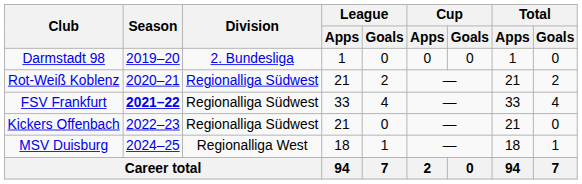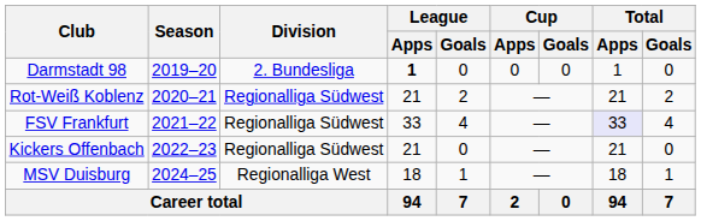 <table class="wikitable" style="text-align:center">
 <tr>
 <th rowspan="2">Club</th>
 <th rowspan="2">Season</th>
 <th rowspan="2">Division</th>
 <th colspan="2">League</th>
 <th colspan="2">Cup</th>
 <th colspan="2">Total</th>
 </tr>
 <tr>
 <th>Apps</th>
 <th>Goals</th>
 <th>Apps</th>
 <th>Goals</th>
 <th>Apps</th>
 <th>Goals</th>
 </tr>
 <tr>
 <td><a href='#'>Darmstadt 98</a></td>
 <td><a href='#'>2019–20</a></td>
 <td><a href='#'>2. Bundesliga</a></td>
-<td>1</td>
+<td><strong>1</strong></td>
 <td>0</td>
 <td>0</td>
 <td>0</td>
 <td>1</td>
 <td>0</td>
 </tr>
 <tr>
 <td><a href='#'>Rot-Weiß Koblenz</a></td>
 <td><a href='#'>2020–21</a></td>
 <td><a href='#'>Regionalliga Südwest</a></td>
 <td>21</td>
 <td>2</td>
 <td colspan="2">—</td>
 <td>21</td>
 <td>2</td>
 </tr>
 <tr>
 <td><a href='#'>FSV Frankfurt</a></td>
-<td><strong><a href='#'>2021–22</a></strong></td>
+<td><a href='#'>2021–22</a></td>
 <td>Regionalliga Südwest</td>
 <td>33</td>
 <td>4</td>
 <td colspan="2">—</td>
-<td>33</td>
+<td style="background: lavender;">33</td>
 <td>4</td>
 </tr>
 <tr>
 <td><a href='#'>Kickers Offenbach</a></td>
 <td><a href='#'>2022–23</a></td>
 <td>Regionalliga Südwest</td>
 <td>21</td>
 <td>0</td>
 <td colspan="2">—</td>
 <td>21</td>
 <td>0</td>
 </tr>
 <tr>
 <td><a href='#'>MSV Duisburg</a></td>
 <td><a href='#'>2024–25</a></td>
 <td>Regionalliga West</td>
 <td>18</td>
 <td>1</td>
 <td colspan="2">—</td>
 <td>18</td>
 <td>1</td>
 </tr>
 <tr>
 <th colspan="3">Career total</th>
 <th>94</th>
 <th>7</th>
 <th>2</th>
 <th>0</th>
 <th>94</th>
 <th>7</th>
 </tr>
 </table>
